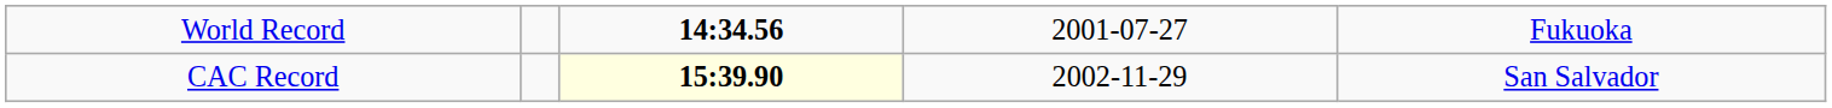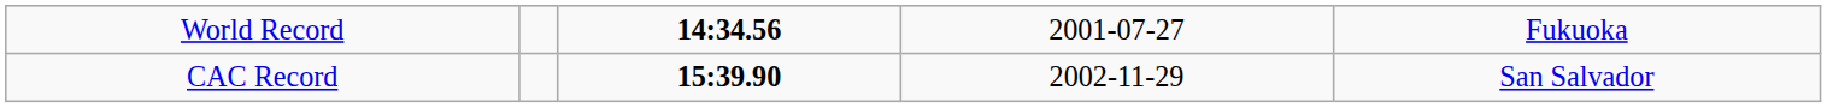 <table class="wikitable" style=" text-align:center; font-size:95%;" width="75%">
 <tr>
 <td><a href='#'>World Record</a></td>
 <td></td>
 <td><strong>14:34.56</strong></td>
 <td>2001-07-27</td>
 <td> <a href='#'>Fukuoka</a></td>
 </tr>
 <tr>
 <td><a href='#'>CAC Record</a></td>
 <td></td>
-<td style="background: lightyellow;"><strong>15:39.90</strong></td>
+<td><strong>15:39.90</strong></td>
 <td>2002-11-29</td>
 <td> <a href='#'>San Salvador</a></td>
 </tr>
 </table>
